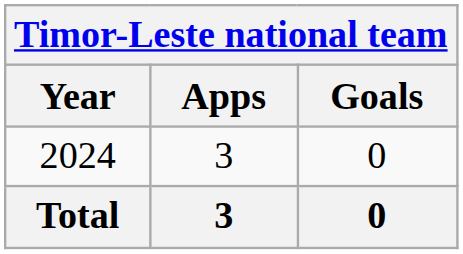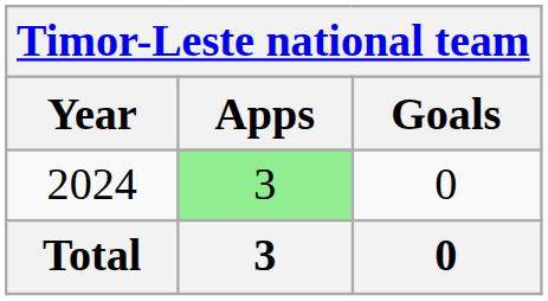 <table class="wikitable" style="text-align:center">
 <tr>
 <th colspan=3><a href='#'>Timor-Leste national team</a></th>
 </tr>
 <tr>
 <th>Year</th>
 <th>Apps</th>
 <th>Goals</th>
 </tr>
 <tr>
 <td>2024</td>
-<td>3</td>
+<td style="background: lightgreen;">3</td>
 <td>0</td>
 </tr>
 <tr>
 <th>Total</th>
 <th>3</th>
 <th>0</th>
 </tr>
 </table>
